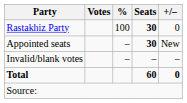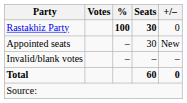 <table class=wikitable style=text-align:right>
 <tr>
 <th>Party</th>
 <th>Votes</th>
 <th>%</th>
 <th>Seats</th>
 <th>+/–</th>
 </tr>
 <tr>
 <td align=left><a href='#'>Rastakhiz Party</a></td>
 <td></td>
-<td>100</td>
+<td><strong>100</strong></td>
 <td><strong>30</strong></td>
 <td>0</td>
 </tr>
 <tr>
 <td align=left>Appointed seats</td>
 <td></td>
 <td>–</td>
-<td><strong>30</strong></td>
+<td>30</td>
 <td>New</td>
 </tr>
 <tr>
 <td align=left colspan=1>Invalid/blank votes</td>
 <td></td>
 <td>–</td>
 <td>–</td>
 <td>–</td>
 </tr>
 <tr>
 <td align=left colspan=1><strong>Total</strong></td>
 <td></td>
 <td></td>
 <td><strong>60</strong></td>
 <td><strong>0</strong></td>
 </tr>
 <tr>
 <td colspan=5 align=left>Source: </td>
 </tr>
 </table>
